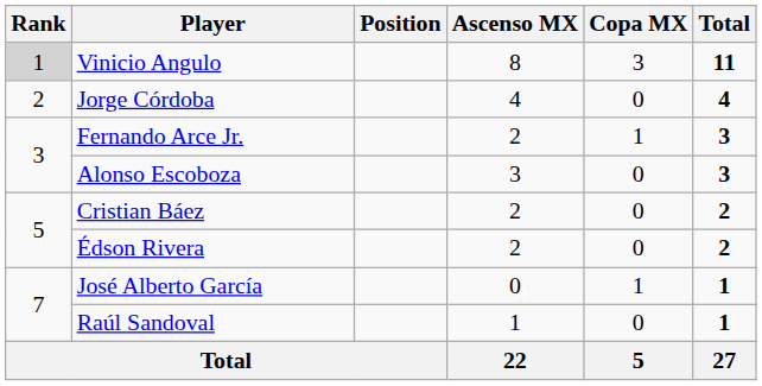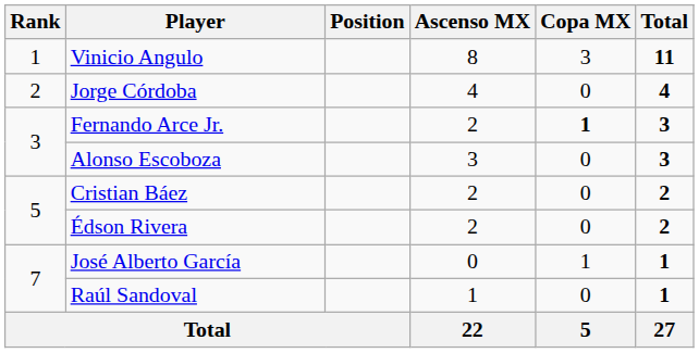 <table class="wikitable">
 <tr>
 <th>Rank</th>
 <th style="width:185px;">Player</th>
 <th>Position</th>
 <th>Ascenso MX</th>
 <th>Copa MX</th>
 <th>Total</th>
 </tr>
 <tr>
-<td align=center style="background: lightgrey;">1</td>
+<td align=center>1</td>
 <td> <a href='#'>Vinicio Angulo</a></td>
 <td align=center></td>
 <td align=center>8</td>
 <td align=center>3</td>
 <td align=center><strong>11</strong></td>
 </tr>
 <tr>
 <td align=center>2</td>
 <td> <a href='#'>Jorge Córdoba</a></td>
 <td align=center></td>
 <td align=center>4</td>
 <td align=center>0</td>
 <td align=center><strong>4</strong></td>
 </tr>
 <tr>
 <td align=center rowspan=2>3</td>
 <td> <a href='#'>Fernando Arce Jr.</a></td>
 <td align=center></td>
 <td align=center>2</td>
-<td align=center>1</td>
+<td align=center><strong>1</strong></td>
 <td align=center><strong>3</strong></td>
 </tr>
 <tr>
 <td> <a href='#'>Alonso Escoboza</a></td>
 <td align=center></td>
 <td align=center>3</td>
 <td align=center>0</td>
 <td align=center><strong>3</strong></td>
 </tr>
 <tr>
 <td align=center rowspan=2>5</td>
 <td> <a href='#'>Cristian Báez</a></td>
 <td align=center></td>
 <td align=center>2</td>
 <td align=center>0</td>
 <td align=center><strong>2</strong></td>
 </tr>
 <tr>
 <td> <a href='#'>Édson Rivera</a></td>
 <td align=center></td>
 <td align=center>2</td>
 <td align=center>0</td>
 <td align=center><strong>2</strong></td>
 </tr>
 <tr>
 <td align=center rowspan=2>7</td>
 <td> <a href='#'>José Alberto García</a></td>
 <td align=center></td>
 <td align=center>0</td>
 <td align=center>1</td>
 <td align=center><strong>1</strong></td>
 </tr>
 <tr>
 <td> <a href='#'>Raúl Sandoval</a></td>
 <td align=center></td>
 <td align=center>1</td>
 <td align=center>0</td>
 <td align=center><strong>1</strong></td>
 </tr>
 <tr>
 <th align=center colspan=3>Total</th>
 <th align=center>22</th>
 <th align=center>5</th>
 <th align=center>27</th>
 </tr>
 </table>
